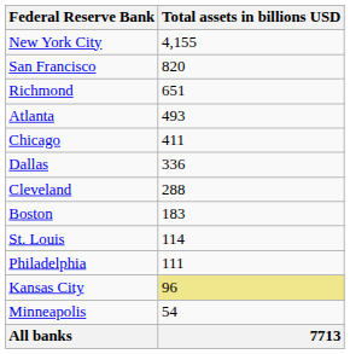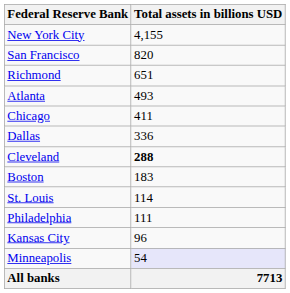 <table class="wikitable col2right">
 <tr>
 <th scope="col">Federal Reserve Bank</th>
 <th scope="col">Total assets in billions USD</th>
 </tr>
 <tr>
 <td><a href='#'>New York City</a></td>
 <td>4,155</td>
 </tr>
 <tr>
 <td><a href='#'>San Francisco</a></td>
 <td>820</td>
 </tr>
 <tr>
 <td><a href='#'>Richmond</a></td>
 <td>651</td>
 </tr>
 <tr>
 <td><a href='#'>Atlanta</a></td>
 <td>493</td>
 </tr>
 <tr>
 <td><a href='#'>Chicago</a></td>
 <td>411</td>
 </tr>
 <tr>
 <td><a href='#'>Dallas</a></td>
 <td>336</td>
 </tr>
 <tr>
 <td><a href='#'>Cleveland</a></td>
-<td>288</td>
+<td><strong>288</strong></td>
 </tr>
 <tr>
 <td><a href='#'>Boston</a></td>
 <td>183</td>
 </tr>
 <tr>
 <td><a href='#'>St. Louis</a></td>
 <td>114</td>
 </tr>
 <tr>
 <td><a href='#'>Philadelphia</a></td>
 <td>111</td>
 </tr>
 <tr>
 <td><a href='#'>Kansas City</a></td>
-<td style="background: khaki;">96</td>
+<td>96</td>
 </tr>
 <tr>
 <td><a href='#'>Minneapolis</a></td>
-<td>54</td>
+<td style="background: lavender;">54</td>
 </tr>
 <tr>
 <th style="text-align: left;">All banks</th>
 <th style="text-align: right;">7713</th>
 </tr>
 </table>
